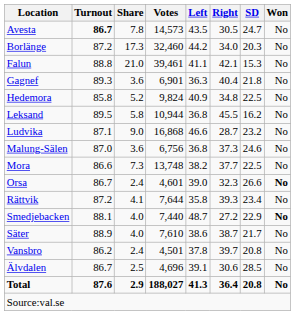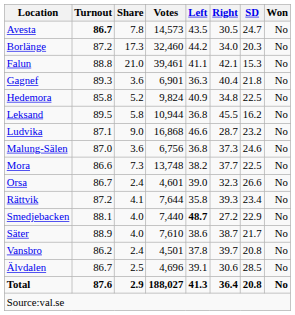 <table class="wikitable sortable" style=text-align:right>
 <tr>
 <th>Location</th>
 <th>Turnout</th>
 <th>Share</th>
 <th>Votes</th>
 <th><a href='#'>Left</a></th>
 <th><a href='#'>Right</a></th>
 <th><a href='#'>SD</a></th>
 <th>Won</th>
 </tr>
 <tr>
 <td align=left><a href='#'>Avesta</a></td>
 <td><strong>86.7</strong></td>
 <td>7.8</td>
 <td>14,573</td>
 <td>43.5</td>
 <td>30.5</td>
 <td>24.7</td>
 <td>No</td>
 </tr>
 <tr>
 <td align=left><a href='#'>Borlänge</a></td>
 <td>87.2</td>
 <td>17.3</td>
 <td>32,460</td>
 <td>44.2</td>
 <td>34.0</td>
 <td>20.3</td>
 <td>No</td>
 </tr>
 <tr>
 <td align=left><a href='#'>Falun</a></td>
 <td>88.8</td>
 <td>21.0</td>
 <td>39,461</td>
 <td>41.1</td>
 <td>42.1</td>
 <td>15.3</td>
 <td>No</td>
 </tr>
 <tr>
 <td align=left><a href='#'>Gagnef</a></td>
 <td>89.3</td>
 <td>3.6</td>
 <td>6,901</td>
 <td>36.3</td>
 <td>40.4</td>
 <td>21.8</td>
 <td>No</td>
 </tr>
 <tr>
 <td align=left><a href='#'>Hedemora</a></td>
 <td>85.8</td>
 <td>5.2</td>
 <td>9,824</td>
 <td>40.9</td>
 <td>34.8</td>
 <td>22.5</td>
 <td>No</td>
 </tr>
 <tr>
 <td align=left><a href='#'>Leksand</a></td>
 <td>89.5</td>
 <td>5.8</td>
 <td>10,944</td>
 <td>36.8</td>
 <td>45.5</td>
 <td>16.2</td>
 <td>No</td>
 </tr>
 <tr>
 <td align=left><a href='#'>Ludvika</a></td>
 <td>87.1</td>
 <td>9.0</td>
 <td>16,868</td>
 <td>46.6</td>
 <td>28.7</td>
 <td>23.2</td>
 <td>No</td>
 </tr>
 <tr>
 <td align=left><a href='#'>Malung-Sälen</a></td>
 <td>87.0</td>
 <td>3.6</td>
 <td>6,756</td>
 <td>36.8</td>
 <td>37.3</td>
 <td>24.6</td>
 <td>No</td>
 </tr>
 <tr>
 <td align=left><a href='#'>Mora</a></td>
 <td>86.6</td>
 <td>7.3</td>
 <td>13,748</td>
 <td>38.2</td>
 <td>37.7</td>
 <td>22.5</td>
 <td>No</td>
 </tr>
 <tr>
 <td align=left><a href='#'>Orsa</a></td>
 <td>86.7</td>
 <td>2.4</td>
 <td>4,601</td>
 <td>39.0</td>
 <td>32.3</td>
 <td>26.6</td>
-<td><strong>No</strong></td>
+<td>No</td>
 </tr>
 <tr>
 <td align=left><a href='#'>Rättvik</a></td>
 <td>87.2</td>
 <td>4.1</td>
 <td>7,644</td>
 <td>35.8</td>
 <td>39.3</td>
 <td>23.4</td>
 <td>No</td>
 </tr>
 <tr>
 <td align=left><a href='#'>Smedjebacken</a></td>
 <td>88.1</td>
 <td>4.0</td>
 <td>7,440</td>
-<td>48.7</td>
+<td><strong>48.7</strong></td>
 <td>27.2</td>
 <td>22.9</td>
-<td><strong>No</strong></td>
+<td>No</td>
 </tr>
 <tr>
 <td align=left><a href='#'>Säter</a></td>
 <td>88.9</td>
 <td>4.0</td>
 <td>7,610</td>
 <td>38.6</td>
 <td>38.7</td>
 <td>21.7</td>
 <td>No</td>
 </tr>
 <tr>
 <td align=left><a href='#'>Vansbro</a></td>
 <td>86.2</td>
 <td>2.4</td>
 <td>4,501</td>
 <td>37.8</td>
 <td>39.7</td>
 <td>20.8</td>
 <td>No</td>
 </tr>
 <tr>
 <td align=left><a href='#'>Älvdalen</a></td>
 <td>86.7</td>
 <td>2.5</td>
 <td>4,696</td>
 <td>39.1</td>
 <td>30.6</td>
 <td>28.5</td>
 <td>No</td>
 </tr>
 <tr>
 <td align=left><strong>Total</strong></td>
 <td><strong>87.6</strong></td>
 <td><strong>2.9</strong></td>
 <td><strong>188,027</strong></td>
 <td><strong>41.3</strong></td>
 <td><strong>36.4</strong></td>
 <td><strong>20.8</strong></td>
 <td><strong>No</strong></td>
 </tr>
 <tr>
 <td align=left colspan=8>Source:val.se</td>
 </tr>
 </table>
